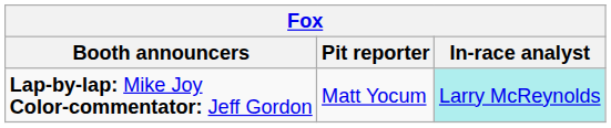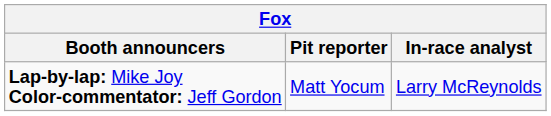 <table class="wikitable" style="font-size: 95%">
 <tr>
 <th colspan="3"><a href='#'>Fox</a></th>
 </tr>
 <tr>
 <th>Booth announcers</th>
 <th>Pit reporter</th>
 <th>In-race analyst</th>
 </tr>
 <tr>
 <td><strong>Lap-by-lap:</strong> <a href='#'>Mike Joy</a><br><strong>Color-commentator:</strong> <a href='#'>Jeff Gordon</a></td>
 <td><a href='#'>Matt Yocum</a></td>
-<td style="background: paleturquoise;"><a href='#'>Larry McReynolds</a></td>
+<td><a href='#'>Larry McReynolds</a></td>
 </tr>
 </table>
